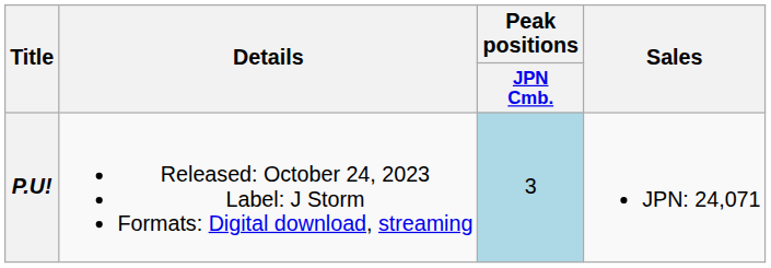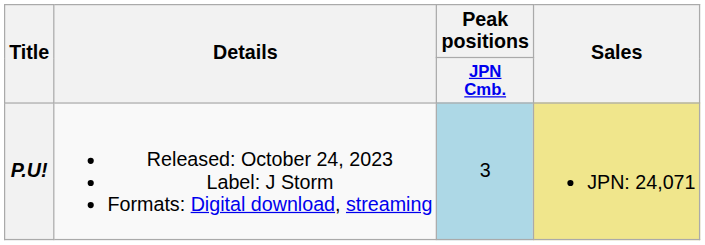 <table class="wikitable plainrowheaders" style="text-align:center;">
 <tr>
 <th scope="col" rowspan="2">Title</th>
 <th scope="col" rowspan="2">Details</th>
 <th scope="col" colspan="1">Peak positions</th>
 <th scope="col" rowspan="2">Sales</th>
 </tr>
 <tr>
 <th scope="col" style="width:2.75em;font-size:85%;"><a href='#'>JPN<br>Cmb.</a><br></th>
 </tr>
 <tr>
 <th scope="row"><em>P.U!</em></th>
 <td><br><ul><li>Released: October 24, 2023</li><li>Label: J Storm</li><li>Formats: <a href='#'>Digital download</a>, <a href='#'>streaming</a></li></ul></td>
 <td style="background: lightblue;">3</td>
-<td><br><ul><li>JPN: 24,071</li></ul></td>
+<td style="background: khaki;"><br><ul><li>JPN: 24,071</li></ul></td>
 </tr>
 </table>
